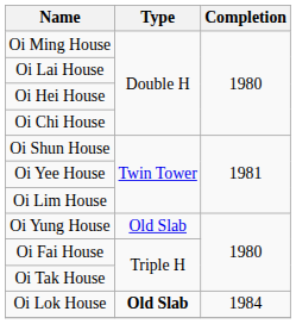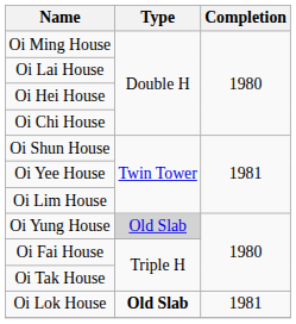 <table class="wikitable" style="text-align: center">
 <tr>
 <th>Name</th>
 <th>Type</th>
 <th>Completion</th>
 </tr>
 <tr>
 <td>Oi Ming House</td>
 <td rowspan="4">Double H</td>
 <td rowspan="4">1980</td>
 </tr>
 <tr>
 <td>Oi Lai House</td>
 </tr>
 <tr>
 <td>Oi Hei House</td>
 </tr>
 <tr>
 <td>Oi Chi House</td>
 </tr>
 <tr>
 <td>Oi Shun House</td>
 <td rowspan="3"><a href='#'>Twin Tower</a></td>
 <td rowspan="3">1981</td>
 </tr>
 <tr>
 <td>Oi Yee House</td>
 </tr>
 <tr>
 <td>Oi Lim House</td>
 </tr>
 <tr>
 <td>Oi Yung House</td>
-<td><a href='#'>Old Slab</a></td>
+<td style="background: lightgrey;"><a href='#'>Old Slab</a></td>
 <td rowspan="3">1980</td>
 </tr>
 <tr>
 <td>Oi Fai House</td>
 <td rowspan="2">Triple H</td>
 </tr>
 <tr>
 <td>Oi Tak House</td>
 </tr>
 <tr>
 <td>Oi Lok House</td>
 <td rowspan="1"><strong>Old Slab</strong></td>
-<td>1984</td>
+<td>1981</td>
 </tr>
 <tr>
 </tr>
 </table>
